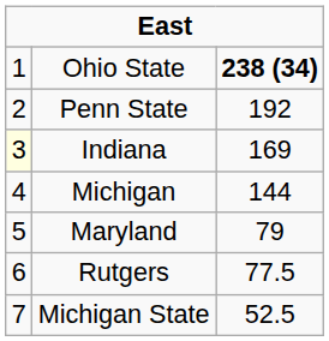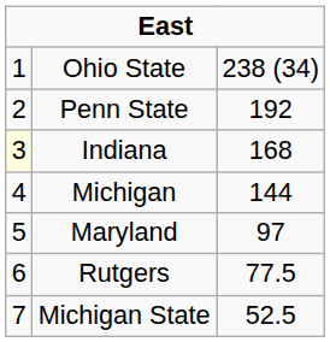 <table class="wikitable" style="display: inline-table;">
 <tr align="center">
 <td align="center" Colspan="3"><strong>East</strong><br></td>
 </tr>
 <tr align="center">
 <td>1</td>
 <td>Ohio State</td>
-<td><strong>238 (34)</strong></td>
+<td>238 (34)</td>
 </tr>
 <tr align="center">
 <td>2</td>
 <td>Penn State</td>
 <td>192</td>
 </tr>
 <tr align="center">
 <td style="background: lightyellow;">3</td>
 <td>Indiana</td>
-<td>169</td>
+<td>168</td>
 </tr>
 <tr align="center">
 <td>4</td>
 <td>Michigan</td>
 <td>144</td>
 </tr>
 <tr align="center">
 <td>5</td>
 <td>Maryland</td>
-<td>79</td>
+<td>97</td>
 </tr>
 <tr align="center">
 <td>6</td>
 <td>Rutgers</td>
 <td>77.5</td>
 </tr>
 <tr align="center">
 <td>7</td>
 <td>Michigan State</td>
 <td>52.5</td>
 </tr>
 </table>
